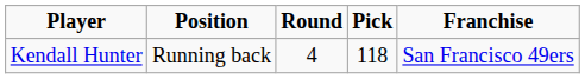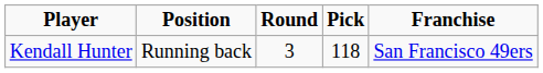 <table class="wikitable">
 <tr align="center">
 <td><strong>Player</strong></td>
 <td><strong>Position</strong></td>
 <td><strong>Round</strong></td>
 <td><strong>Pick</strong></td>
 <td><strong>Franchise</strong></td>
 </tr>
 <tr align="center" bgcolor="">
 <td><a href='#'>Kendall Hunter</a></td>
 <td>Running back</td>
-<td>4</td>
+<td>3</td>
 <td>118</td>
 <td><a href='#'>San Francisco 49ers</a></td>
 </tr>
 </table>
